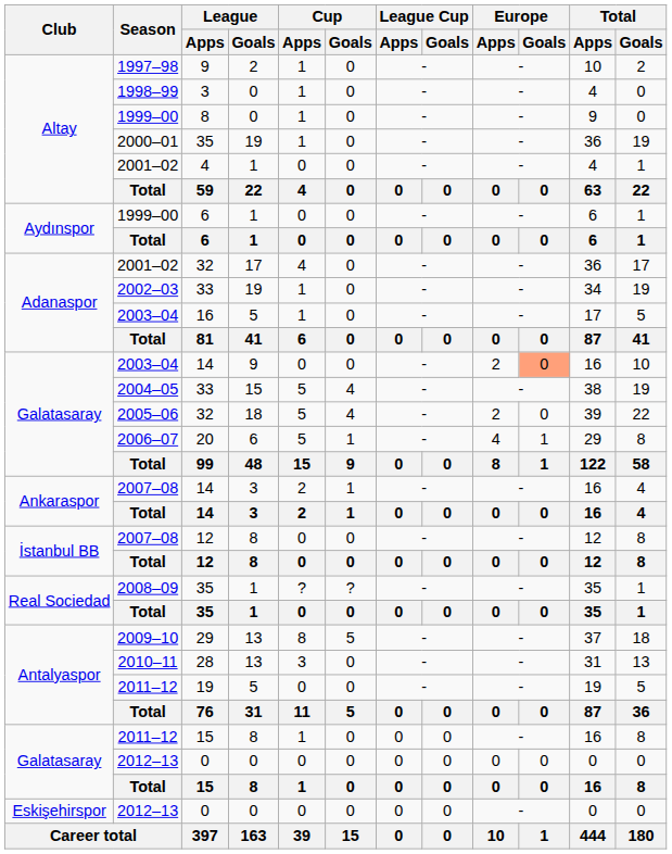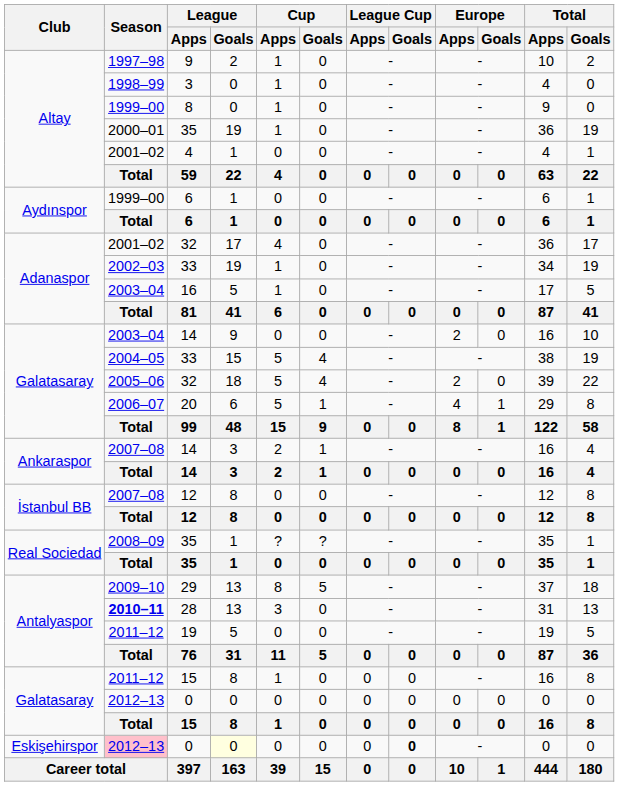 <table class="wikitable" style="text-align: center;">
 <tr>
 <th rowspan="2">Club</th>
 <th rowspan="2">Season</th>
 <th colspan="2">League</th>
 <th colspan="2">Cup</th>
 <th colspan="2">League Cup</th>
 <th colspan="2">Europe</th>
 <th colspan="2">Total</th>
 </tr>
 <tr>
 <th>Apps</th>
 <th>Goals</th>
 <th>Apps</th>
 <th>Goals</th>
 <th>Apps</th>
 <th>Goals</th>
 <th>Apps</th>
 <th>Goals</th>
 <th>Apps</th>
 <th>Goals</th>
 </tr>
 <tr>
 <td rowspan="6" valign="center"><a href='#'>Altay</a></td>
 <td><a href='#'>1997–98</a></td>
 <td>9</td>
 <td>2</td>
 <td>1</td>
 <td>0</td>
 <td colspan="2">-</td>
 <td colspan="2">-</td>
 <td>10</td>
 <td>2</td>
 </tr>
 <tr>
 <td><a href='#'>1998–99</a></td>
 <td>3</td>
 <td>0</td>
 <td>1</td>
 <td>0</td>
 <td colspan="2">-</td>
 <td colspan="2">-</td>
 <td>4</td>
 <td>0</td>
 </tr>
 <tr>
 <td><a href='#'>1999–00</a></td>
 <td>8</td>
 <td>0</td>
 <td>1</td>
 <td>0</td>
 <td colspan="2">-</td>
 <td colspan="2">-</td>
 <td>9</td>
 <td>0</td>
 </tr>
 <tr>
 <td>2000–01</td>
 <td>35</td>
 <td>19</td>
 <td>1</td>
 <td>0</td>
 <td colspan="2">-</td>
 <td colspan="2">-</td>
 <td>36</td>
 <td>19</td>
 </tr>
 <tr>
 <td>2001–02</td>
 <td>4</td>
 <td>1</td>
 <td>0</td>
 <td>0</td>
 <td colspan="2">-</td>
 <td colspan="2">-</td>
 <td>4</td>
 <td>1</td>
 </tr>
 <tr>
 <th>Total</th>
 <th>59</th>
 <th>22</th>
 <th>4</th>
 <th>0</th>
 <th>0</th>
 <th>0</th>
 <th>0</th>
 <th>0</th>
 <th>63</th>
 <th>22</th>
 </tr>
 <tr>
 <td rowspan="2" valign="center"><a href='#'>Aydınspor</a></td>
 <td>1999–00</td>
 <td>6</td>
 <td>1</td>
 <td>0</td>
 <td>0</td>
 <td colspan="2">-</td>
 <td colspan="2">-</td>
 <td>6</td>
 <td>1</td>
 </tr>
 <tr>
 <th>Total</th>
 <th>6</th>
 <th>1</th>
 <th>0</th>
 <th>0</th>
 <th>0</th>
 <th>0</th>
 <th>0</th>
 <th>0</th>
 <th>6</th>
 <th>1</th>
 </tr>
 <tr>
 <td rowspan="4" valign="center"><a href='#'>Adanaspor</a></td>
 <td>2001–02</td>
 <td>32</td>
 <td>17</td>
 <td>4</td>
 <td>0</td>
 <td colspan="2">-</td>
 <td colspan="2">-</td>
 <td>36</td>
 <td>17</td>
 </tr>
 <tr>
 <td><a href='#'>2002–03</a></td>
 <td>33</td>
 <td>19</td>
 <td>1</td>
 <td>0</td>
 <td colspan="2">-</td>
 <td colspan="2">-</td>
 <td>34</td>
 <td>19</td>
 </tr>
 <tr>
 <td><a href='#'>2003–04</a></td>
 <td>16</td>
 <td>5</td>
 <td>1</td>
 <td>0</td>
 <td colspan="2">-</td>
 <td colspan="2">-</td>
 <td>17</td>
 <td>5</td>
 </tr>
 <tr>
 <th>Total</th>
 <th>81</th>
 <th>41</th>
 <th>6</th>
 <th>0</th>
 <th>0</th>
 <th>0</th>
 <th>0</th>
 <th>0</th>
 <th>87</th>
 <th>41</th>
 </tr>
 <tr>
 <td rowspan="5" valign="center"><a href='#'>Galatasaray</a></td>
 <td><a href='#'>2003–04</a></td>
 <td>14</td>
 <td>9</td>
 <td>0</td>
 <td>0</td>
 <td colspan="2">-</td>
 <td>2</td>
-<td style="background: lightsalmon;">0</td>
+<td>0</td>
 <td>16</td>
 <td>10</td>
 </tr>
 <tr>
 <td><a href='#'>2004–05</a></td>
 <td>33</td>
 <td>15</td>
 <td>5</td>
 <td>4</td>
 <td colspan="2">-</td>
 <td colspan="2">-</td>
 <td>38</td>
 <td>19</td>
 </tr>
 <tr>
 <td><a href='#'>2005–06</a></td>
 <td>32</td>
 <td>18</td>
 <td>5</td>
 <td>4</td>
 <td colspan="2">-</td>
 <td>2</td>
 <td>0</td>
 <td>39</td>
 <td>22</td>
 </tr>
 <tr>
 <td><a href='#'>2006–07</a></td>
 <td>20</td>
 <td>6</td>
 <td>5</td>
 <td>1</td>
 <td colspan="2">-</td>
 <td>4</td>
 <td>1</td>
 <td>29</td>
 <td>8</td>
 </tr>
 <tr>
 <th>Total</th>
 <th>99</th>
 <th>48</th>
 <th>15</th>
 <th>9</th>
 <th>0</th>
 <th>0</th>
 <th>8</th>
 <th>1</th>
 <th>122</th>
 <th>58</th>
 </tr>
 <tr>
 <td rowspan="2" valign="center"><a href='#'>Ankaraspor</a></td>
 <td><a href='#'>2007–08</a></td>
 <td>14</td>
 <td>3</td>
 <td>2</td>
 <td>1</td>
 <td colspan="2">-</td>
 <td colspan="2">-</td>
 <td>16</td>
 <td>4</td>
 </tr>
 <tr>
 <th>Total</th>
 <th>14</th>
 <th>3</th>
 <th>2</th>
 <th>1</th>
 <th>0</th>
 <th>0</th>
 <th>0</th>
 <th>0</th>
 <th>16</th>
 <th>4</th>
 </tr>
 <tr>
 <td rowspan="2" valign="center"><a href='#'>İstanbul BB</a></td>
 <td><a href='#'>2007–08</a></td>
 <td>12</td>
 <td>8</td>
 <td>0</td>
 <td>0</td>
 <td colspan="2">-</td>
 <td colspan="2">-</td>
 <td>12</td>
 <td>8</td>
 </tr>
 <tr>
 <th>Total</th>
 <th>12</th>
 <th>8</th>
 <th>0</th>
 <th>0</th>
 <th>0</th>
 <th>0</th>
 <th>0</th>
 <th>0</th>
 <th>12</th>
 <th>8</th>
 </tr>
 <tr>
 <td rowspan="2" valign="center"><a href='#'>Real Sociedad</a></td>
 <td><a href='#'>2008–09</a></td>
 <td>35</td>
 <td>1</td>
 <td>?</td>
 <td>?</td>
 <td colspan="2">-</td>
 <td colspan="2">-</td>
 <td>35</td>
 <td>1</td>
 </tr>
 <tr>
 <th>Total</th>
 <th>35</th>
 <th>1</th>
 <th>0</th>
 <th>0</th>
 <th>0</th>
 <th>0</th>
 <th>0</th>
 <th>0</th>
 <th>35</th>
 <th>1</th>
 </tr>
 <tr>
 <td rowspan="4" valign="center"><a href='#'>Antalyaspor</a></td>
 <td><a href='#'>2009–10</a></td>
 <td>29</td>
 <td>13</td>
 <td>8</td>
 <td>5</td>
 <td colspan="2">-</td>
 <td colspan="2">-</td>
 <td>37</td>
 <td>18</td>
 </tr>
 <tr>
-<td><a href='#'>2010–11</a></td>
+<td><strong><a href='#'>2010–11</a></strong></td>
 <td>28</td>
 <td>13</td>
 <td>3</td>
 <td>0</td>
 <td colspan="2">-</td>
 <td colspan="2">-</td>
 <td>31</td>
 <td>13</td>
 </tr>
 <tr>
 <td><a href='#'>2011–12</a></td>
 <td>19</td>
 <td>5</td>
 <td>0</td>
 <td>0</td>
 <td colspan="2">-</td>
 <td colspan="2">-</td>
 <td>19</td>
 <td>5</td>
 </tr>
 <tr>
 <th>Total</th>
 <th>76</th>
 <th>31</th>
 <th>11</th>
 <th>5</th>
 <th>0</th>
 <th>0</th>
 <th>0</th>
 <th>0</th>
 <th>87</th>
 <th>36</th>
 </tr>
 <tr>
 <td rowspan="3" valign="center"><a href='#'>Galatasaray</a></td>
 <td><a href='#'>2011–12</a></td>
 <td>15</td>
 <td>8</td>
 <td>1</td>
 <td>0</td>
 <td>0</td>
 <td>0</td>
 <td colspan="2">-</td>
 <td>16</td>
 <td>8</td>
 </tr>
 <tr>
 <td><a href='#'>2012–13</a></td>
 <td>0</td>
 <td>0</td>
 <td>0</td>
 <td>0</td>
 <td>0</td>
 <td>0</td>
 <td>0</td>
 <td>0</td>
 <td>0</td>
 <td>0</td>
 </tr>
 <tr>
 <th>Total</th>
 <th>15</th>
 <th>8</th>
 <th>1</th>
 <th>0</th>
 <th>0</th>
 <th>0</th>
 <th>0</th>
 <th>0</th>
 <th>16</th>
 <th>8</th>
 </tr>
 <tr>
 <td rowspan="1" valign="center"><a href='#'>Eskişehirspor</a></td>
-<td><a href='#'>2012–13</a></td>
+<td style="background: pink;"><a href='#'>2012–13</a></td>
+<td>0</td>
+<td style="background: lightyellow;">0</td>
 <td>0</td>
 <td>0</td>
 <td>0</td>
-<td>0</td>
-<td>0</td>
-<td>0</td>
+<td><strong>0</strong></td>
 <td colspan="2">-</td>
 <td>0</td>
 <td>0</td>
 </tr>
 <tr>
 <th colspan="2">Career total</th>
 <th>397</th>
 <th>163</th>
 <th>39</th>
 <th>15</th>
 <th>0</th>
 <th>0</th>
 <th>10</th>
 <th>1</th>
 <th>444</th>
 <th>180</th>
 </tr>
 </table>
